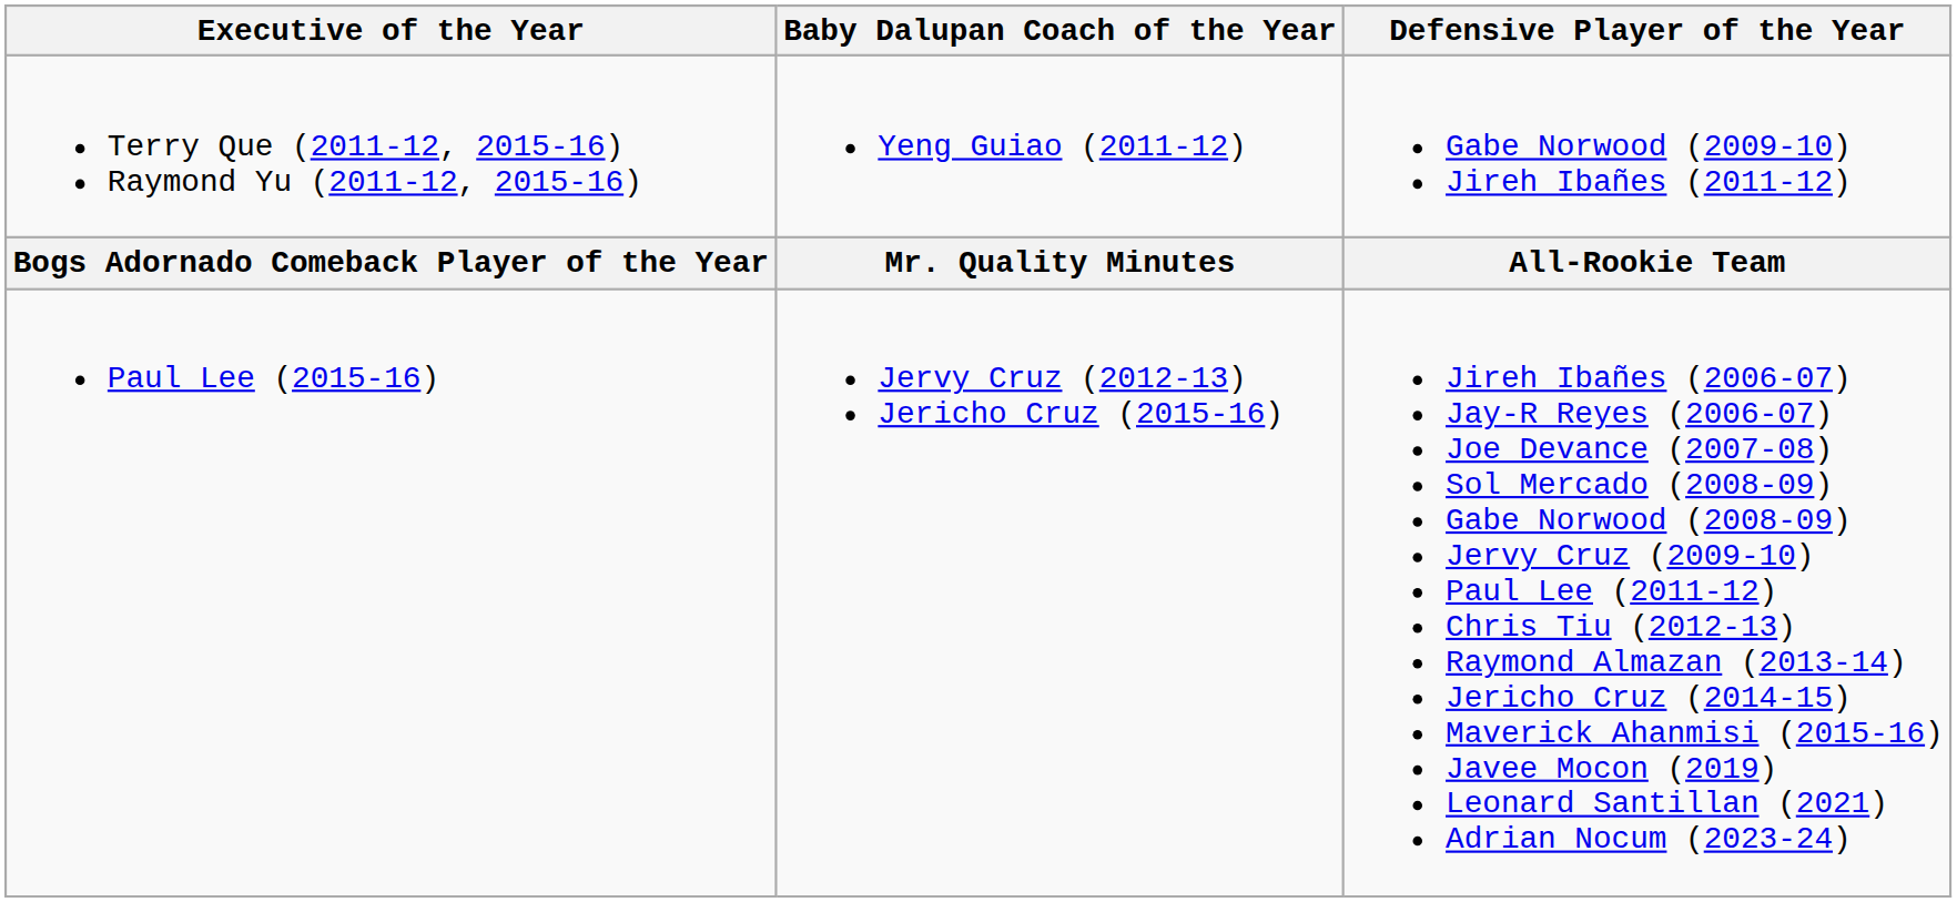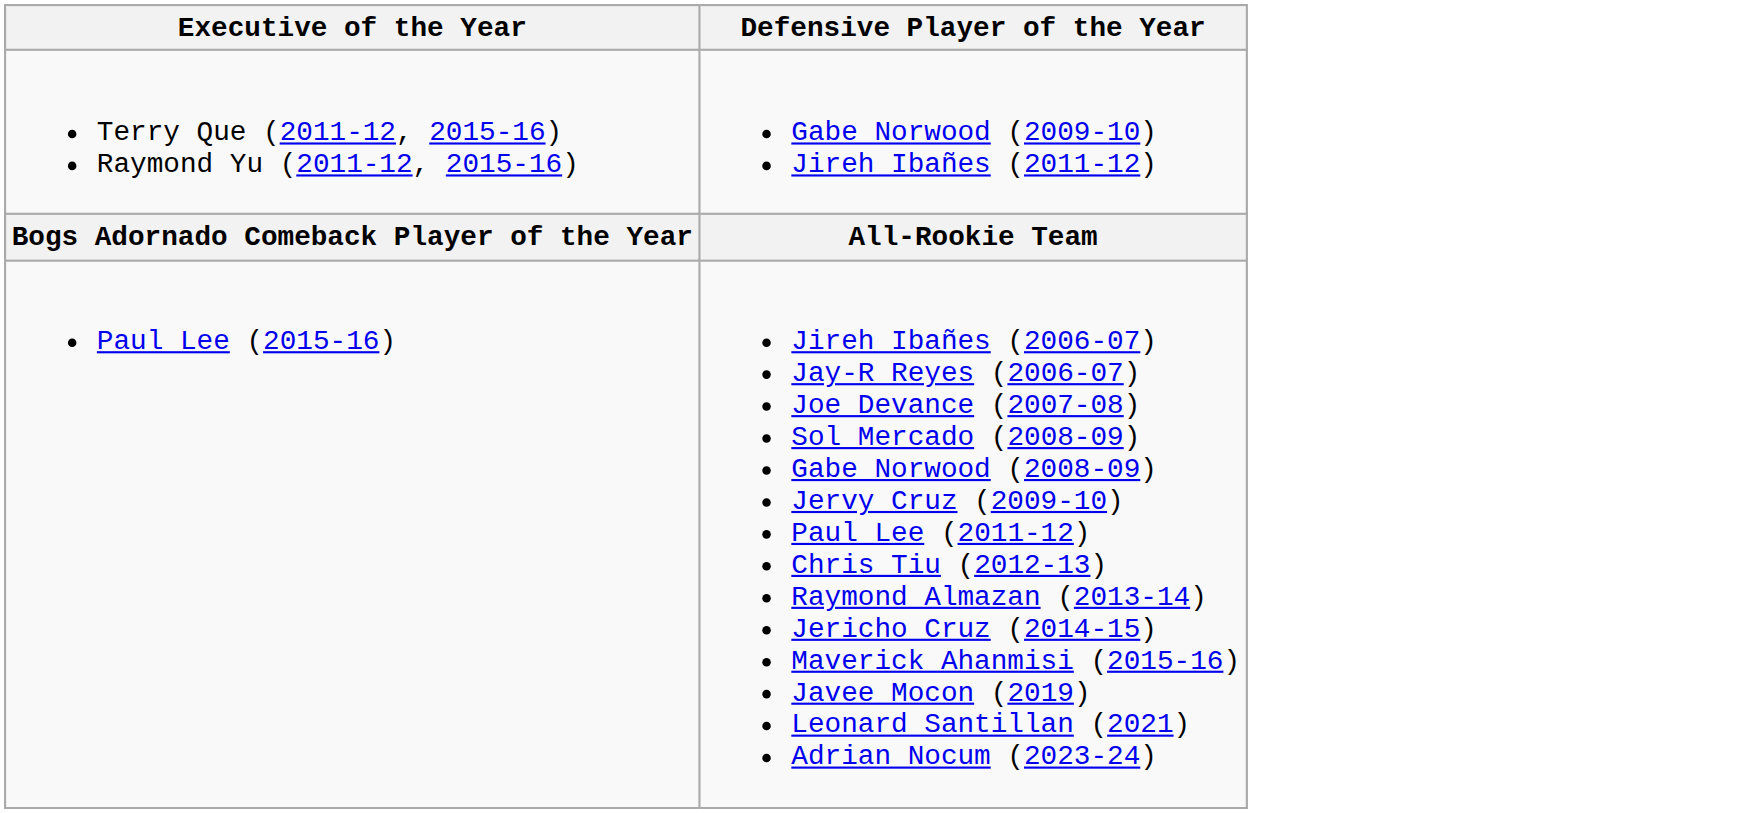 <table class=wikitable>
 <tr>
 <th>Executive of the Year</th>
-<th>Baby Dalupan Coach of the Year</th>
 <th>Defensive Player of the Year</th>
 </tr>
 <tr>
 <td valign="top"><br><ul><li>Terry Que (<a href='#'>2011-12</a>, <a href='#'>2015-16</a>)</li><li>Raymond Yu (<a href='#'>2011-12</a>, <a href='#'>2015-16</a>)</li></ul></td>
-<td valign="top"><br><ul><li><a href='#'>Yeng Guiao</a> (<a href='#'>2011-12</a>)</li></ul></td>
 <td valign="top"><br><ul><li><a href='#'>Gabe Norwood</a> (<a href='#'>2009-10</a>)</li><li><a href='#'>Jireh Ibañes</a> (<a href='#'>2011-12</a>)</li></ul></td>
 </tr>
 <tr>
 <th>Bogs Adornado Comeback Player of the Year</th>
-<th>Mr. Quality Minutes</th>
 <th>All-Rookie Team</th>
 </tr>
 <tr>
 <td valign="top"><br><ul><li><a href='#'>Paul Lee</a>  (<a href='#'>2015-16</a>)</li></ul></td>
-<td valign="top"><br><ul><li><a href='#'>Jervy Cruz</a> (<a href='#'>2012-13</a>)</li><li><a href='#'>Jericho Cruz</a> (<a href='#'>2015-16</a>)</li></ul></td>
 <td valign="top"><br><ul><li><a href='#'>Jireh Ibañes</a> (<a href='#'>2006-07</a>)</li><li><a href='#'>Jay-R Reyes</a> (<a href='#'>2006-07</a>)</li><li><a href='#'>Joe Devance</a> (<a href='#'>2007-08</a>)</li><li><a href='#'>Sol Mercado</a> (<a href='#'>2008-09</a>)</li><li><a href='#'>Gabe Norwood</a> (<a href='#'>2008-09</a>)</li><li><a href='#'>Jervy Cruz</a> (<a href='#'>2009-10</a>)</li><li><a href='#'>Paul Lee</a> (<a href='#'>2011-12</a>)</li><li><a href='#'>Chris Tiu</a> (<a href='#'>2012-13</a>)</li><li><a href='#'>Raymond Almazan</a> (<a href='#'>2013-14</a>)</li><li><a href='#'>Jericho Cruz</a> (<a href='#'>2014-15</a>)</li><li><a href='#'>Maverick Ahanmisi</a> (<a href='#'>2015-16</a>)</li><li><a href='#'>Javee Mocon</a> (<a href='#'>2019</a>)</li><li><a href='#'>Leonard Santillan</a> (<a href='#'>2021</a>)</li><li><a href='#'>Adrian Nocum</a> (<a href='#'>2023-24</a>)</li></ul></td>
 </tr>
 </table>
